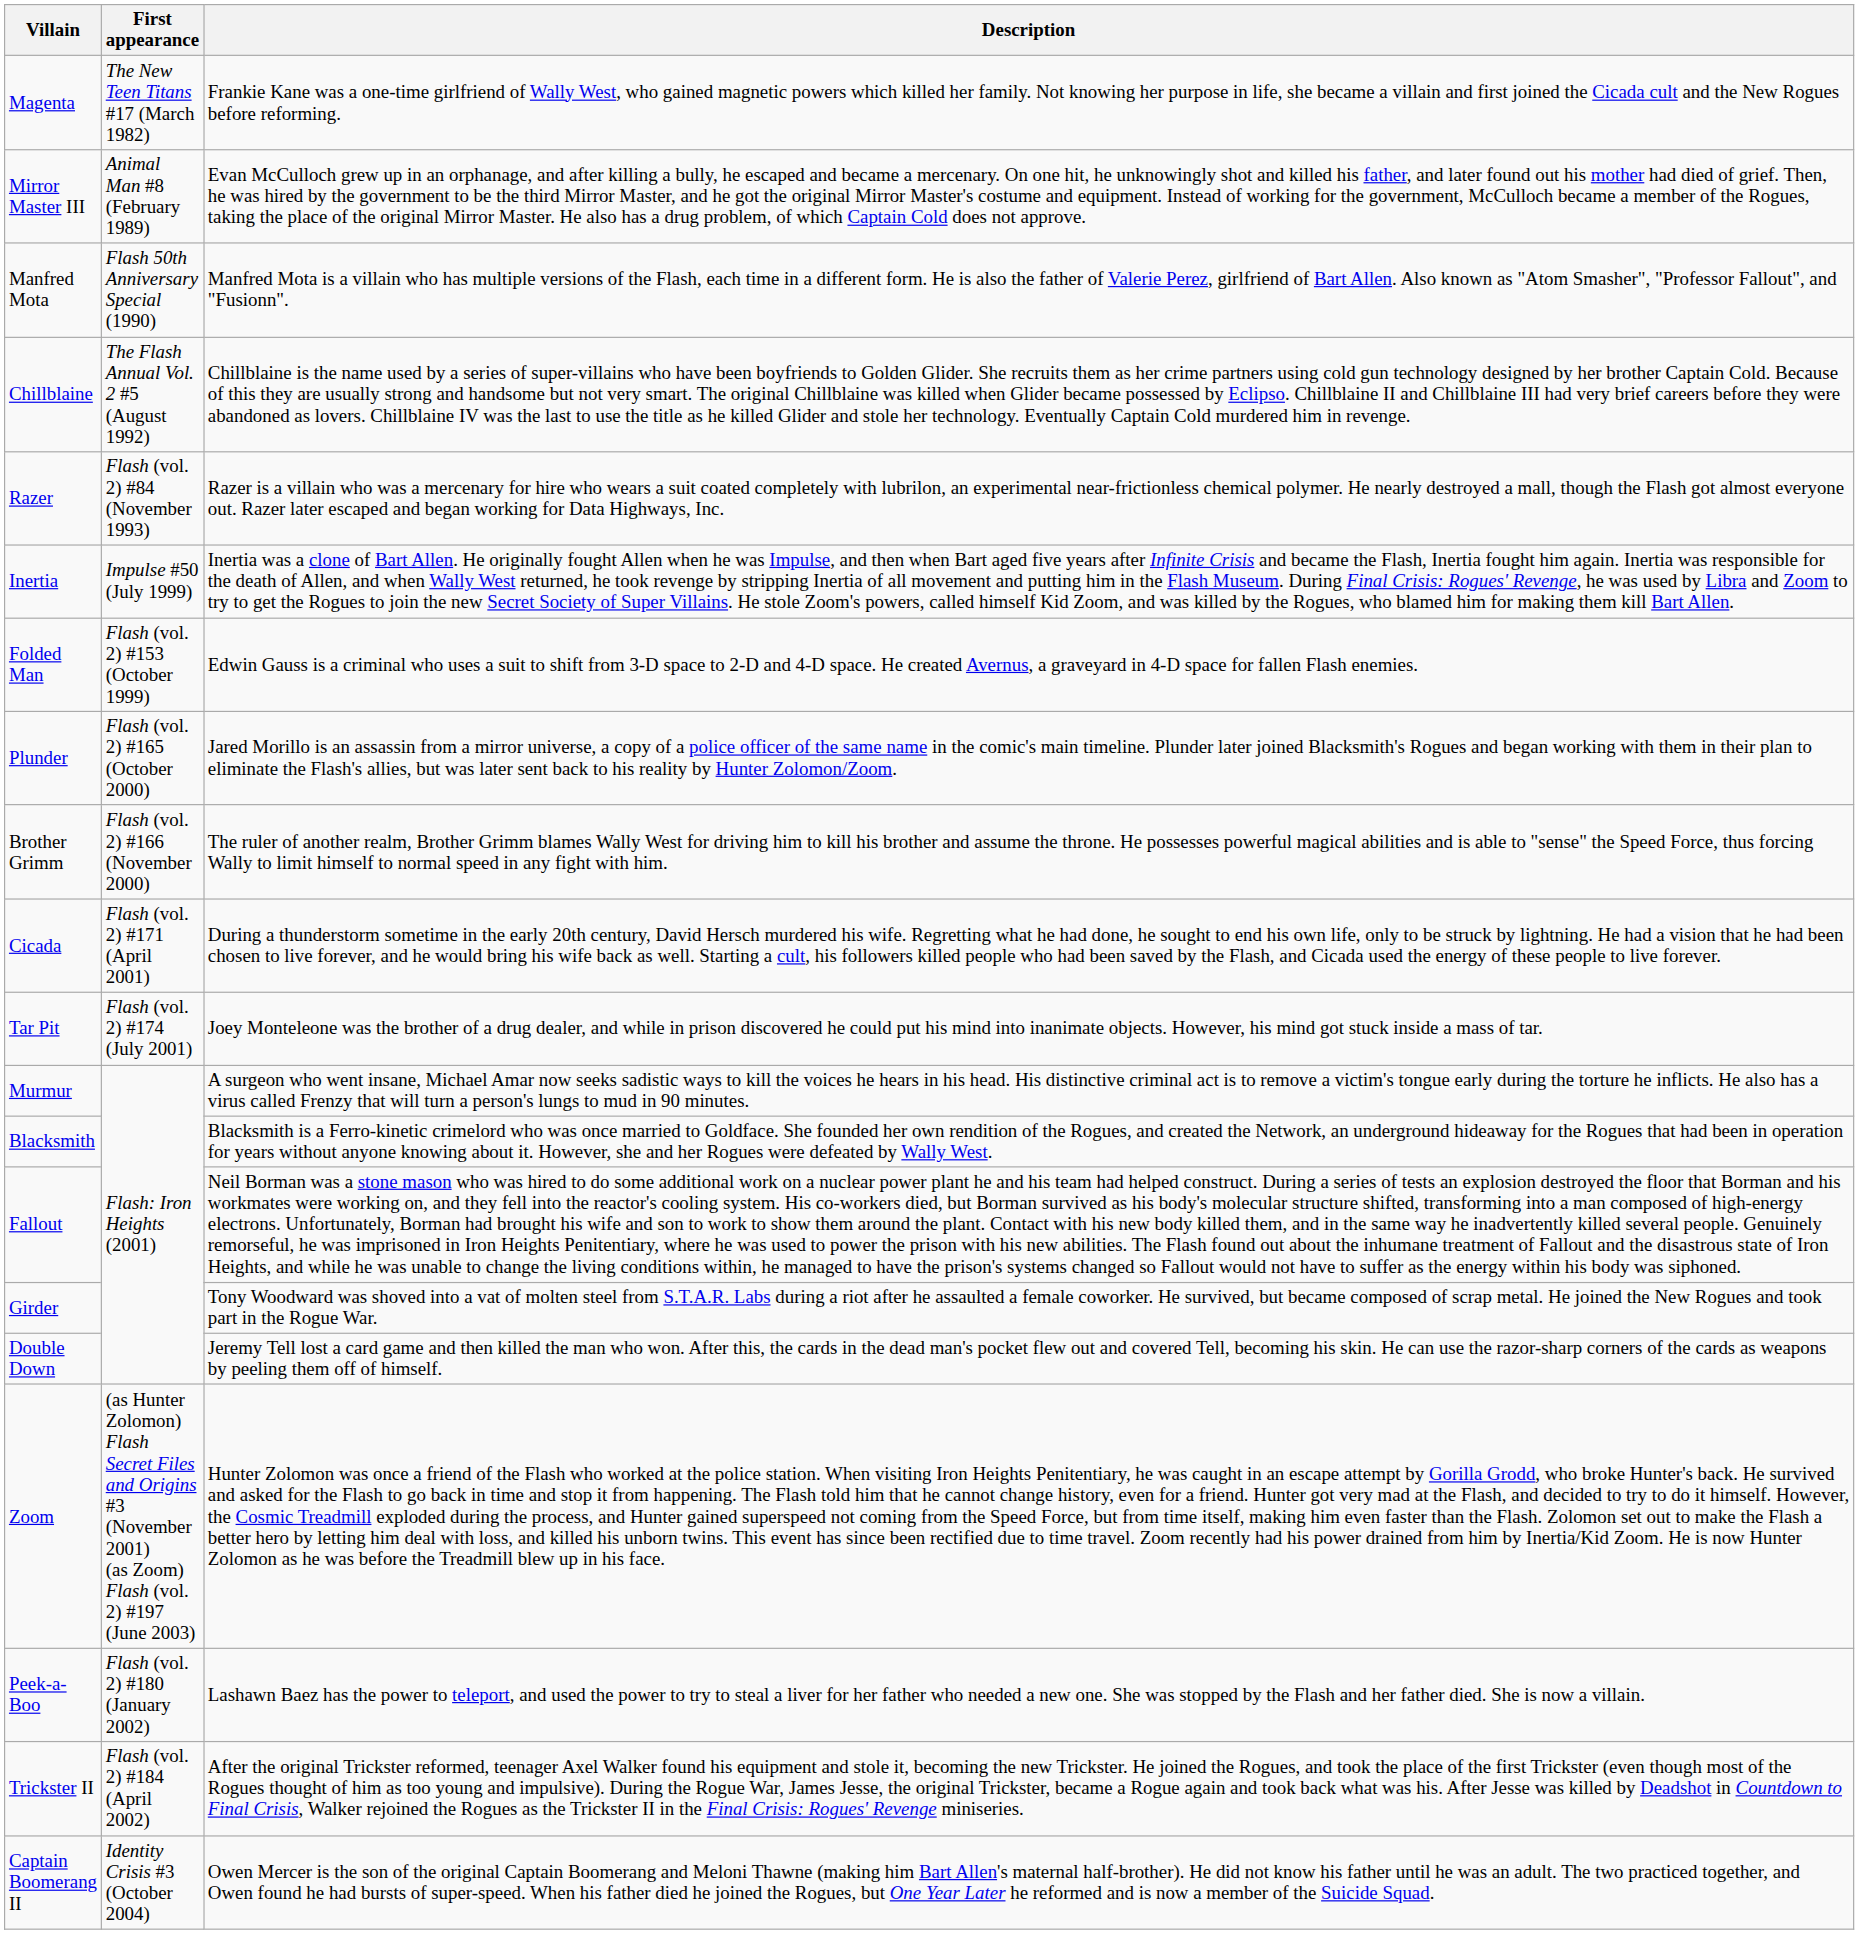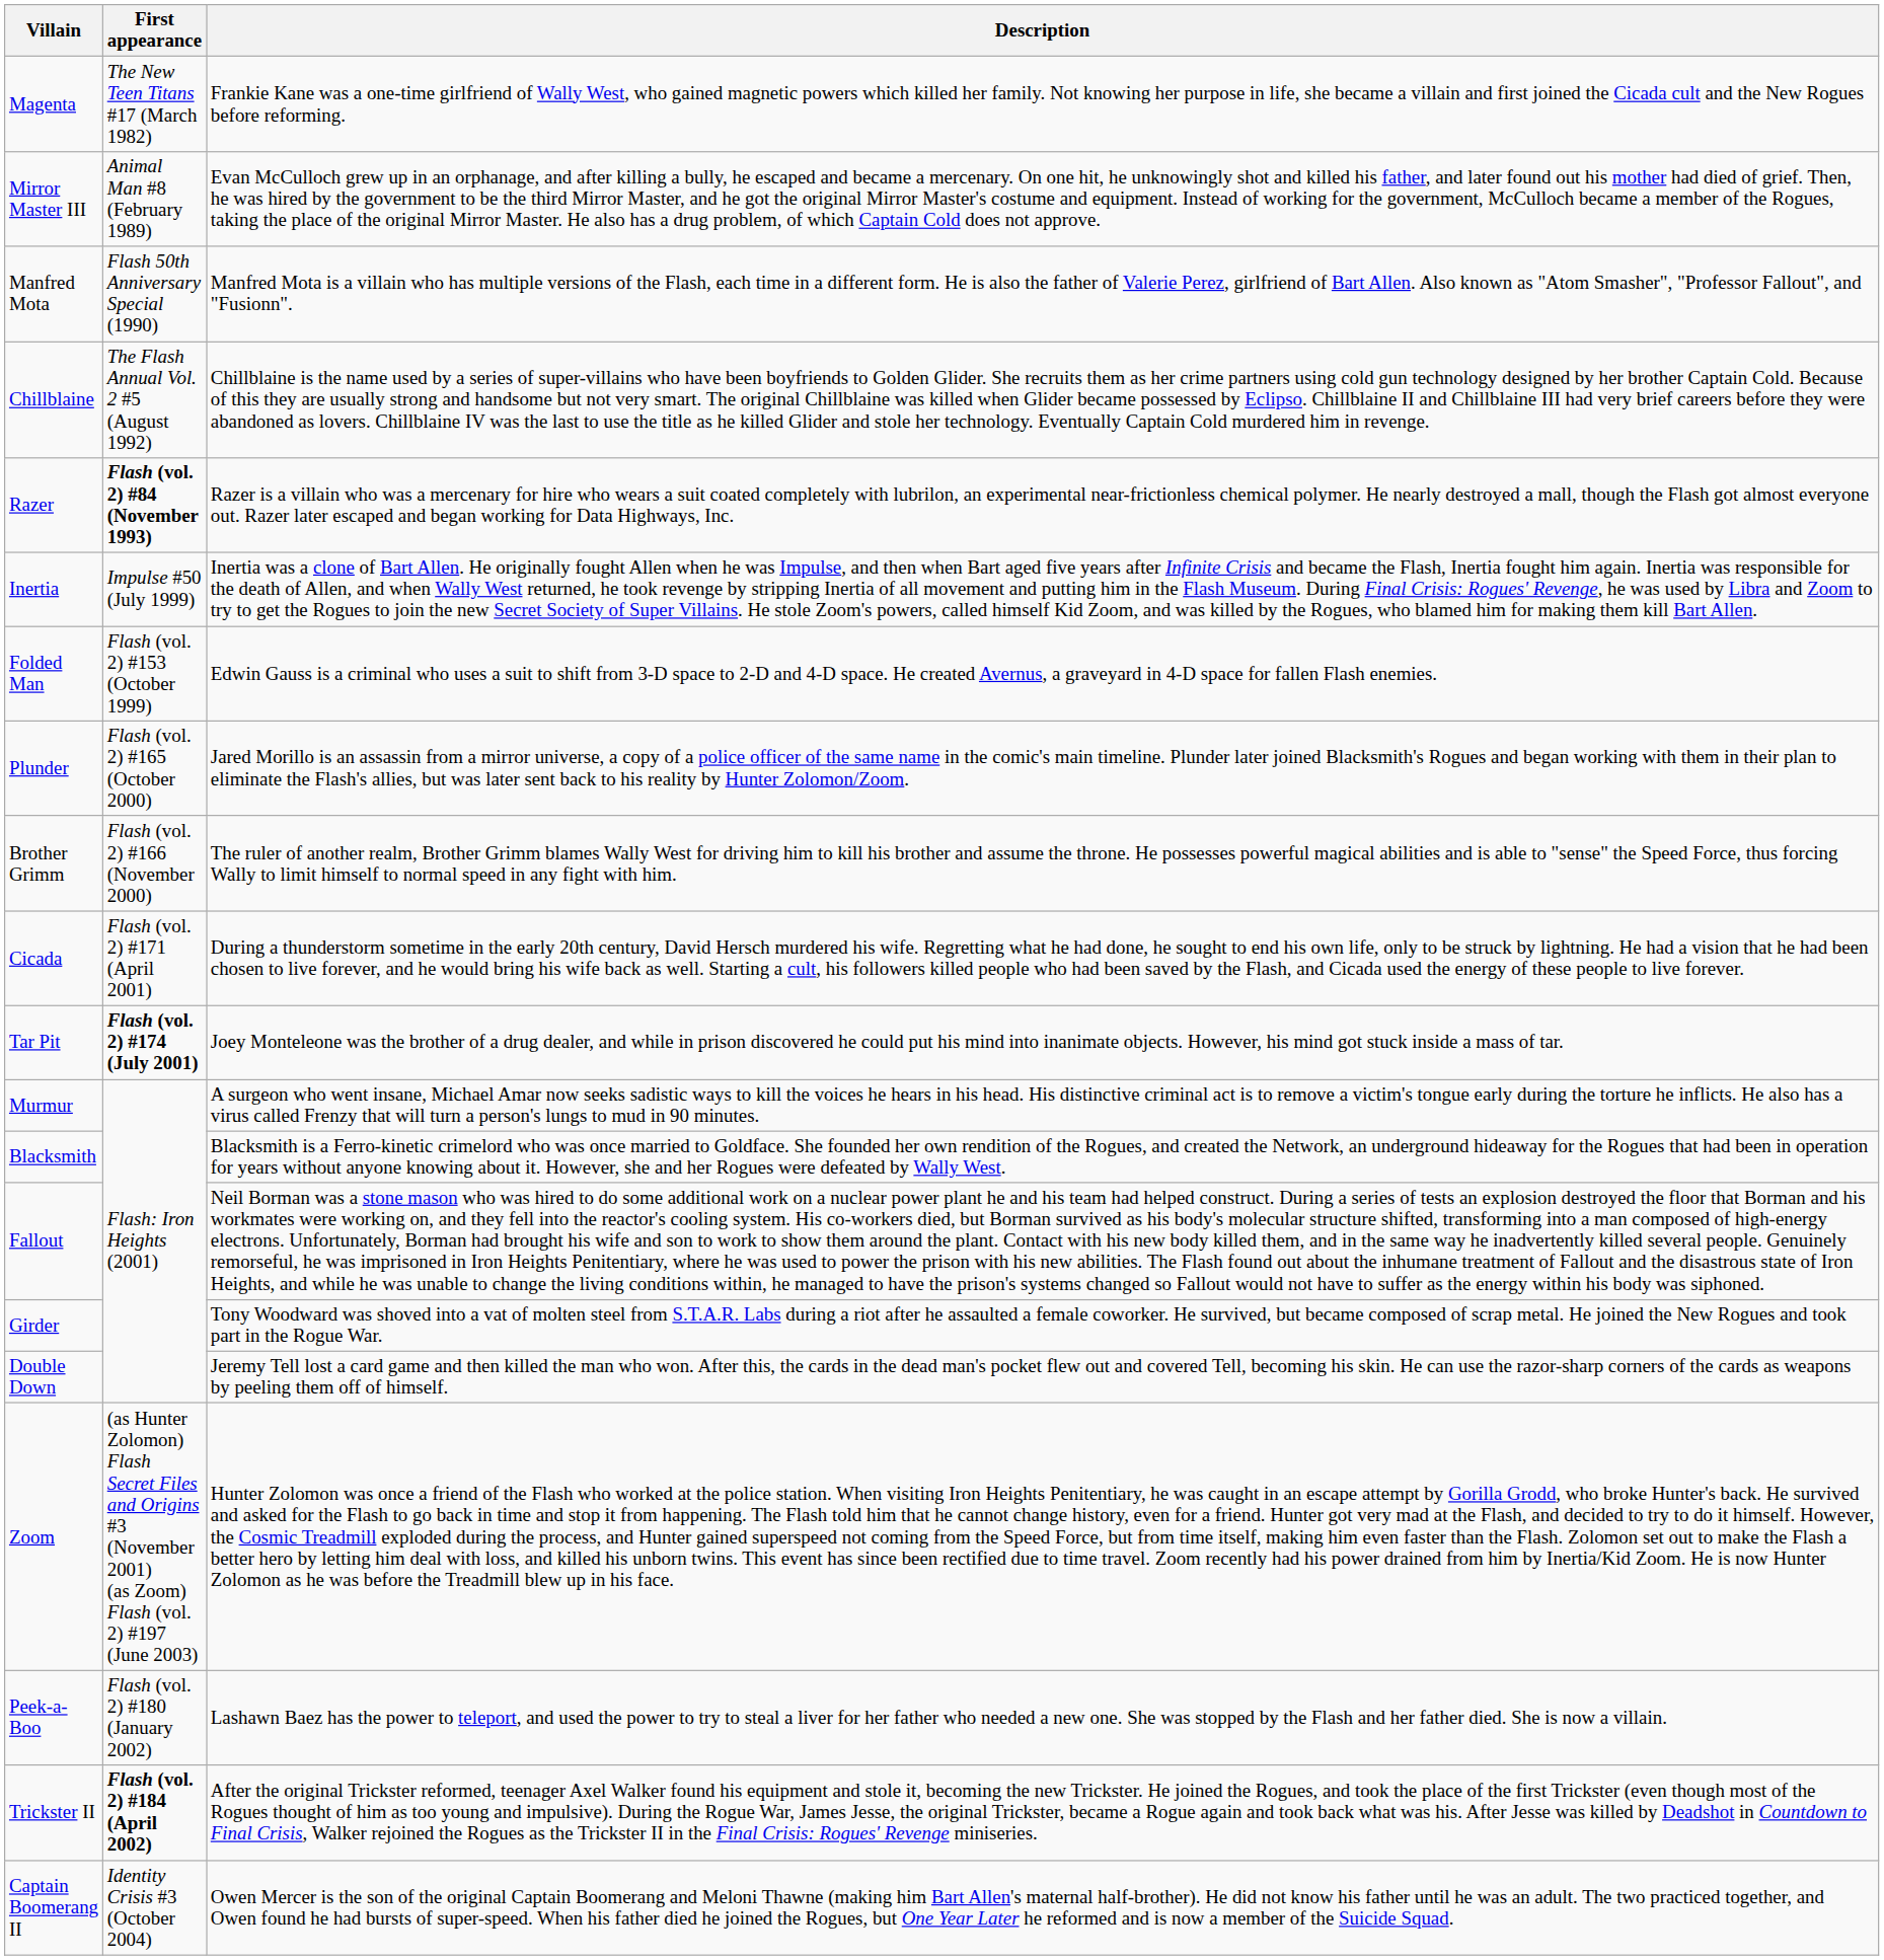 <table class="wikitable">
 <tr>
 <th width="1%">Villain</th>
 <th width="1%">First appearance</th>
 <th>Description</th>
 </tr>
 <tr>
 <td><a href='#'>Magenta</a></td>
 <td><em>The New <a href='#'>Teen Titans</a></em> #17 (March 1982)</td>
 <td>Frankie Kane was a one-time girlfriend of <a href='#'>Wally West</a>, who gained magnetic powers which killed her family. Not knowing her purpose in life, she became a villain and first joined the <a href='#'>Cicada cult</a> and the New Rogues before reforming.</td>
 </tr>
 <tr>
 <td><a href='#'>Mirror Master</a> III</td>
 <td><em>Animal Man</em> #8 (February 1989)</td>
 <td>Evan McCulloch grew up in an orphanage, and after killing a bully, he escaped and became a mercenary. On one hit, he unknowingly shot and killed his <a href='#'>father</a>, and later found out his <a href='#'>mother</a> had died of grief. Then, he was hired by the government to be the third Mirror Master, and he got the original Mirror Master's costume and equipment. Instead of working for the government, McCulloch became a member of the Rogues, taking the place of the original Mirror Master. He also has a drug problem, of which <a href='#'>Captain Cold</a> does not approve.</td>
 </tr>
 <tr>
 <td>Manfred Mota</td>
 <td><em>Flash 50th Anniversary Special</em> (1990)</td>
 <td>Manfred Mota is a villain who has multiple versions of the Flash, each time in a different form. He is also the father of <a href='#'>Valerie Perez</a>, girlfriend of <a href='#'>Bart Allen</a>. Also known as "Atom Smasher", "Professor Fallout", and "Fusionn".</td>
 </tr>
 <tr>
 <td><a href='#'>Chillblaine</a></td>
 <td><em>The Flash Annual Vol. 2</em> #5 (August 1992)</td>
 <td>Chillblaine is the name used by a series of super-villains who have been boyfriends to Golden Glider. She recruits them as her crime partners using cold gun technology designed by her brother Captain Cold. Because of this they are usually strong and handsome but not very smart. The original Chillblaine was killed when Glider became possessed by <a href='#'>Eclipso</a>. Chillblaine II and Chillblaine III had very brief careers before they were abandoned as lovers. Chillblaine IV was the last to use the title as he killed Glider and stole her technology. Eventually Captain Cold murdered him in revenge.</td>
 </tr>
 <tr>
 <td><a href='#'>Razer</a></td>
-<td><em>Flash</em> (vol. 2) #84 (November 1993)</td>
+<td><strong><em>Flash</em> (vol. 2) #84 (November 1993)</strong></td>
 <td>Razer is a villain who was a mercenary for hire who wears a suit coated completely with lubrilon, an experimental near-frictionless chemical polymer. He nearly destroyed a mall, though the Flash got almost everyone out. Razer later escaped and began working for Data Highways, Inc.</td>
 </tr>
 <tr>
 <td><a href='#'>Inertia</a></td>
 <td><em>Impulse</em> #50 (July 1999)</td>
 <td>Inertia was a <a href='#'>clone</a> of <a href='#'>Bart Allen</a>. He originally fought Allen when he was <a href='#'>Impulse</a>, and then when Bart aged five years after <em><a href='#'>Infinite Crisis</a></em> and became the Flash, Inertia fought him again. Inertia was responsible for the death of Allen, and when <a href='#'>Wally West</a> returned, he took revenge by stripping Inertia of all movement and putting him in the <a href='#'>Flash Museum</a>. During <em><a href='#'>Final Crisis: Rogues' Revenge</a></em>, he was used by <a href='#'>Libra</a> and <a href='#'>Zoom</a> to try to get the Rogues to join the new <a href='#'>Secret Society of Super Villains</a>. He stole Zoom's powers, called himself Kid Zoom, and was killed by the Rogues, who blamed him for making them kill <a href='#'>Bart Allen</a>.</td>
 </tr>
 <tr>
 <td><a href='#'>Folded Man</a></td>
 <td><em>Flash</em> (vol. 2) #153 (October 1999)</td>
 <td>Edwin Gauss is a criminal who uses a suit to shift from 3-D space to 2-D and 4-D space. He created <a href='#'>Avernus</a>, a graveyard in 4-D space for fallen Flash enemies.</td>
 </tr>
 <tr>
 <td><a href='#'>Plunder</a></td>
 <td><em>Flash</em> (vol. 2) #165 (October 2000)</td>
 <td>Jared Morillo is an assassin from a mirror universe, a copy of a <a href='#'>police officer of the same name</a> in the comic's main timeline. Plunder later joined Blacksmith's Rogues and began working with them in their plan to eliminate the Flash's allies, but was later sent back to his reality by <a href='#'>Hunter Zolomon/Zoom</a>.</td>
 </tr>
 <tr>
 <td>Brother Grimm</td>
 <td><em>Flash</em> (vol. 2) #166 (November 2000)</td>
 <td>The ruler of another realm, Brother Grimm blames Wally West for driving him to kill his brother and assume the throne. He possesses powerful magical abilities and is able to "sense" the Speed Force, thus forcing Wally to limit himself to normal speed in any fight with him.</td>
 </tr>
 <tr>
 <td><a href='#'>Cicada</a></td>
 <td><em>Flash</em> (vol. 2) #171 (April 2001)</td>
 <td>During a thunderstorm sometime in the early 20th century, David Hersch murdered his wife. Regretting what he had done, he sought to end his own life, only to be struck by lightning. He had a vision that he had been chosen to live forever, and he would bring his wife back as well. Starting a <a href='#'>cult</a>, his followers killed people who had been saved by the Flash, and Cicada used the energy of these people to live forever.</td>
 </tr>
 <tr>
 <td><a href='#'>Tar Pit</a></td>
-<td><em>Flash</em> (vol. 2) #174 (July 2001)</td>
+<td><strong><em>Flash</em> (vol. 2) #174 (July 2001)</strong></td>
 <td>Joey Monteleone was the brother of a drug dealer, and while in prison discovered he could put his mind into inanimate objects. However, his mind got stuck inside a mass of tar.</td>
 </tr>
 <tr>
 <td><a href='#'>Murmur</a></td>
 <td rowspan="5"><em>Flash: Iron Heights</em> (2001)</td>
 <td>A surgeon who went insane, Michael Amar now seeks sadistic ways to kill the voices he hears in his head. His distinctive criminal act is to remove a victim's tongue early during the torture he inflicts. He also has a virus called Frenzy that will turn a person's lungs to mud in 90 minutes.</td>
 </tr>
 <tr>
 <td><a href='#'>Blacksmith</a></td>
 <td>Blacksmith is a Ferro-kinetic crimelord who was once married to Goldface. She founded her own rendition of the Rogues, and created the Network, an underground hideaway for the Rogues that had been in operation for years without anyone knowing about it. However, she and her Rogues were defeated by <a href='#'>Wally West</a>.</td>
 </tr>
 <tr>
 <td><a href='#'>Fallout</a></td>
 <td>Neil Borman was a <a href='#'>stone mason</a> who was hired to do some additional work on a nuclear power plant he and his team had helped construct. During a series of tests an explosion destroyed the floor that Borman and his workmates were working on, and they fell into the reactor's cooling system. His co-workers died, but Borman survived as his body's molecular structure shifted, transforming into a man composed of high-energy electrons. Unfortunately, Borman had brought his wife and son to work to show them around the plant. Contact with his new body killed them, and in the same way he inadvertently killed several people. Genuinely remorseful, he was imprisoned in Iron Heights Penitentiary, where he was used to power the prison with his new abilities. The Flash found out about the inhumane treatment of Fallout and the disastrous state of Iron Heights, and while he was unable to change the living conditions within, he managed to have the prison's systems changed so Fallout would not have to suffer as the energy within his body was siphoned.</td>
 </tr>
 <tr>
 <td><a href='#'>Girder</a></td>
 <td>Tony Woodward was shoved into a vat of molten steel from <a href='#'>S.T.A.R. Labs</a> during a riot after he assaulted a female coworker. He survived, but became composed of scrap metal. He joined the New Rogues and took part in the Rogue War.</td>
 </tr>
 <tr>
 <td><a href='#'>Double Down</a></td>
 <td>Jeremy Tell lost a card game and then killed the man who won. After this, the cards in the dead man's pocket flew out and covered Tell, becoming his skin. He can use the razor-sharp corners of the cards as weapons by peeling them off of himself.</td>
 </tr>
 <tr>
 <td><a href='#'>Zoom</a></td>
 <td>(as Hunter Zolomon)<br><em>Flash <a href='#'>Secret Files and Origins</a></em> #3 (November 2001)<br>(as Zoom)<br><em>Flash</em> (vol. 2) #197 (June 2003)</td>
 <td>Hunter Zolomon was once a friend of the Flash who worked at the police station. When visiting Iron Heights Penitentiary, he was caught in an escape attempt by <a href='#'>Gorilla Grodd</a>, who broke Hunter's back. He survived and asked for the Flash to go back in time and stop it from happening. The Flash told him that he cannot change history, even for a friend. Hunter got very mad at the Flash, and decided to try to do it himself. However, the <a href='#'>Cosmic Treadmill</a> exploded during the process, and Hunter gained superspeed not coming from the Speed Force, but from time itself, making him even faster than the Flash. Zolomon set out to make the Flash a better hero by letting him deal with loss, and killed his unborn twins. This event has since been rectified due to time travel. Zoom recently had his power drained from him by Inertia/Kid Zoom. He is now Hunter Zolomon as he was before the Treadmill blew up in his face.</td>
 </tr>
 <tr>
 <td><a href='#'>Peek-a-Boo</a></td>
 <td><em>Flash</em> (vol. 2) #180 (January 2002)</td>
 <td>Lashawn Baez has the power to <a href='#'>teleport</a>, and used the power to try to steal a liver for her father who needed a new one. She was stopped by the Flash and her father died. She is now a villain.</td>
 </tr>
 <tr>
 <td><a href='#'>Trickster</a> II</td>
-<td><em>Flash</em> (vol. 2) #184 (April 2002)</td>
+<td><strong><em>Flash</em> (vol. 2) #184 (April 2002)</strong></td>
 <td>After the original Trickster reformed, teenager Axel Walker found his equipment and stole it, becoming the new Trickster. He joined the Rogues, and took the place of the first Trickster (even though most of the Rogues thought of him as too young and impulsive). During the Rogue War, James Jesse, the original Trickster, became a Rogue again and took back what was his. After Jesse was killed by <a href='#'>Deadshot</a> in <em><a href='#'>Countdown to Final Crisis</a></em>, Walker rejoined the Rogues as the Trickster II in the <em><a href='#'>Final Crisis: Rogues' Revenge</a></em> miniseries.</td>
 </tr>
 <tr>
 <td><a href='#'>Captain Boomerang</a> II</td>
 <td><em>Identity Crisis</em> #3 (October 2004)</td>
 <td>Owen Mercer is the son of the original Captain Boomerang and Meloni Thawne (making him <a href='#'>Bart Allen</a>'s maternal half-brother). He did not know his father until he was an adult. The two practiced together, and Owen found he had bursts of super-speed. When his father died he joined the Rogues, but <em><a href='#'>One Year Later</a></em> he reformed and is now a member of the <a href='#'>Suicide Squad</a>.</td>
 </tr>
 </table>
